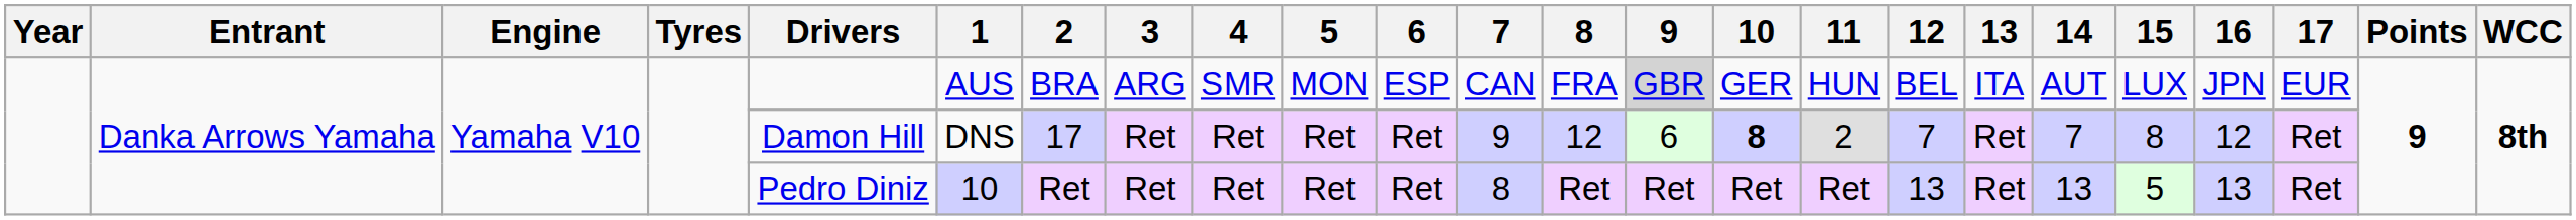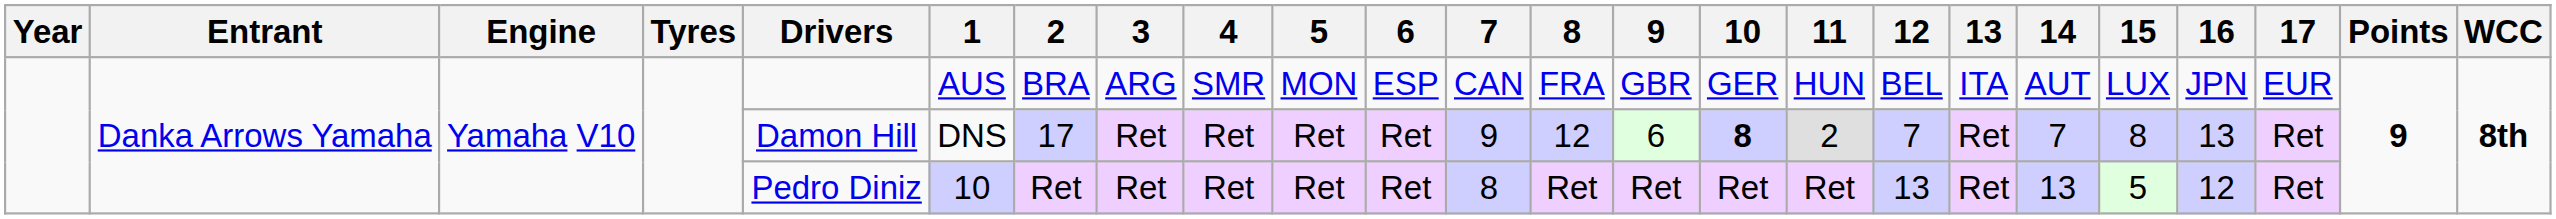 <table class="wikitable" style="text-align:center; font-size:95%">
 <tr>
 <th>Year</th>
 <th>Entrant</th>
 <th>Engine</th>
 <th>Tyres</th>
 <th>Drivers</th>
 <th>1</th>
 <th>2</th>
 <th>3</th>
 <th>4</th>
 <th>5</th>
 <th>6</th>
 <th>7</th>
 <th>8</th>
 <th>9</th>
 <th>10</th>
 <th>11</th>
 <th>12</th>
 <th>13</th>
 <th>14</th>
 <th>15</th>
 <th>16</th>
 <th>17</th>
 <th>Points</th>
 <th>WCC</th>
 </tr>
 <tr>
 <td rowspan="3"></td>
 <td rowspan="3"><a href='#'>Danka Arrows Yamaha</a></td>
 <td rowspan="3"><a href='#'>Yamaha</a> <a href='#'>V10</a></td>
 <td rowspan="3"></td>
 <td></td>
 <td><a href='#'>AUS</a></td>
 <td><a href='#'>BRA</a></td>
 <td><a href='#'>ARG</a></td>
 <td><a href='#'>SMR</a></td>
 <td><a href='#'>MON</a></td>
 <td><a href='#'>ESP</a></td>
 <td><a href='#'>CAN</a></td>
 <td><a href='#'>FRA</a></td>
-<td style="background: lightgrey;"><a href='#'>GBR</a></td>
+<td><a href='#'>GBR</a></td>
 <td><a href='#'>GER</a></td>
 <td><a href='#'>HUN</a></td>
 <td><a href='#'>BEL</a></td>
 <td><a href='#'>ITA</a></td>
 <td><a href='#'>AUT</a></td>
 <td><a href='#'>LUX</a></td>
 <td><a href='#'>JPN</a></td>
 <td><a href='#'>EUR</a></td>
 <td rowspan="3"><strong>9</strong></td>
 <td rowspan="3"><strong>8th</strong></td>
 </tr>
 <tr>
 <td><a href='#'>Damon Hill</a></td>
 <td>DNS</td>
 <td style="background:#CFCFFF;">17</td>
 <td style="background:#EFCFFF;">Ret</td>
 <td style="background:#EFCFFF;">Ret</td>
 <td style="background:#EFCFFF;">Ret</td>
 <td style="background:#EFCFFF;">Ret</td>
 <td style="background:#CFCFFF;">9</td>
 <td style="background:#CFCFFF;">12</td>
 <td style="background:#DFFFDF;">6</td>
 <td style="background:#CFCFFF;"><strong>8</strong></td>
 <td style="background:#DFDFDF;">2</td>
 <td style="background:#CFCFFF;">7</td>
 <td style="background:#EFCFFF;">Ret</td>
 <td style="background:#CFCFFF;">7</td>
 <td style="background:#CFCFFF;">8</td>
-<td style="background:#CFCFFF;">12</td>
+<td style="background:#CFCFFF;">13</td>
 <td style="background:#EFCFFF;">Ret</td>
 </tr>
 <tr>
 <td><a href='#'>Pedro Diniz</a></td>
 <td style="background:#CFCFFF;">10</td>
 <td style="background:#EFCFFF;">Ret</td>
 <td style="background:#EFCFFF;">Ret</td>
 <td style="background:#EFCFFF;">Ret</td>
 <td style="background:#EFCFFF;">Ret</td>
 <td style="background:#EFCFFF;">Ret</td>
 <td style="background:#CFCFFF;">8</td>
 <td style="background:#EFCFFF;">Ret</td>
 <td style="background:#EFCFFF;">Ret</td>
 <td style="background:#EFCFFF;">Ret</td>
 <td style="background:#EFCFFF;">Ret</td>
 <td style="background:#CFCFFF;">13</td>
 <td style="background:#EFCFFF;">Ret</td>
 <td style="background:#CFCFFF;">13</td>
 <td style="background:#DFFFDF;">5</td>
-<td style="background:#CFCFFF;">13</td>
+<td style="background:#CFCFFF;">12</td>
 <td style="background:#EFCFFF;">Ret</td>
 </tr>
 </table>
